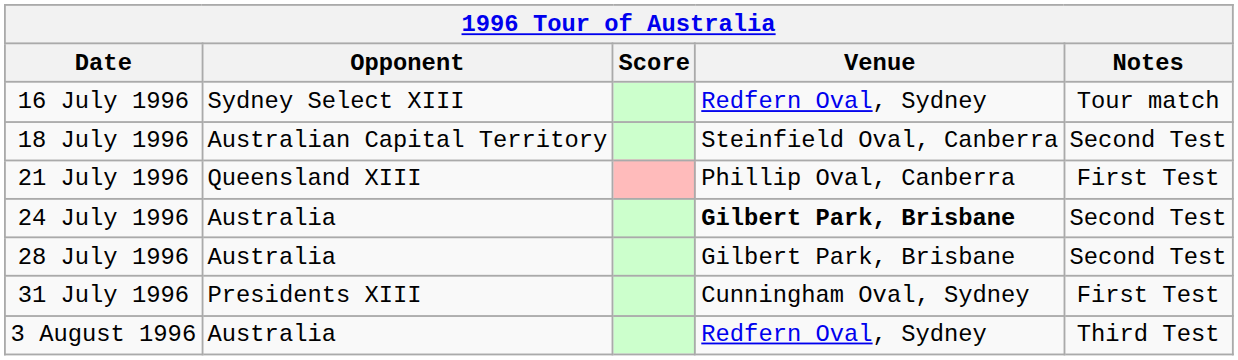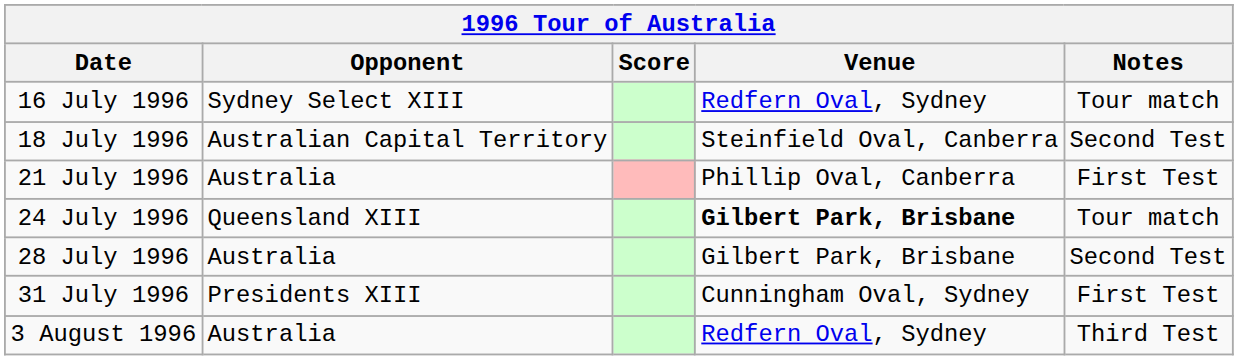 <table class="wikitable" style="text-align: center;">
 <tr>
 <th colspan=9><a href='#'>1996 Tour of Australia</a></th>
 </tr>
 <tr>
 <th>Date</th>
 <th>Opponent</th>
 <th>Score</th>
 <th>Venue</th>
 <th>Notes</th>
 </tr>
 <tr>
 <td>16 July 1996</td>
 <td align=left> Sydney Select XIII</td>
 <td bgcolor="#CCFFCC"></td>
 <td align=left> <a href='#'>Redfern Oval</a>, Sydney</td>
 <td>Tour match</td>
 </tr>
 <tr>
 <td>18 July 1996</td>
 <td align=left>Australian Capital Territory</td>
 <td bgcolor="#CCFFCC"></td>
 <td align=left> Steinfield Oval, Canberra</td>
 <td>Second Test</td>
 </tr>
 <tr>
 <td>21 July 1996</td>
-<td align=left> Queensland XIII</td>
+<td align=left> Australia</td>
 <td bgcolor="#FFBBBB"></td>
 <td align=left> Phillip Oval, Canberra</td>
 <td>First Test</td>
 </tr>
 <tr>
 <td>24 July 1996</td>
-<td align=left> Australia</td>
+<td align=left> Queensland XIII</td>
 <td bgcolor="#CCFFCC"></td>
 <td align=left><strong> Gilbert Park, Brisbane</strong></td>
-<td>Second Test</td>
+<td>Tour match</td>
 </tr>
 <tr>
 <td>28 July 1996</td>
 <td align=left> Australia</td>
 <td bgcolor="#CCFFCC"></td>
 <td align=left> Gilbert Park, Brisbane</td>
 <td>Second Test</td>
 </tr>
 <tr>
 <td>31 July 1996</td>
 <td align=left>Presidents XIII</td>
 <td bgcolor="#CCFFCC"></td>
 <td align=left> Cunningham Oval, Sydney</td>
 <td>First Test</td>
 </tr>
 <tr>
 <td>3 August 1996</td>
 <td align=left> Australia</td>
 <td bgcolor="#CCFFCC"></td>
 <td align=left> <a href='#'>Redfern Oval</a>, Sydney</td>
 <td>Third Test</td>
 </tr>
 </table>
